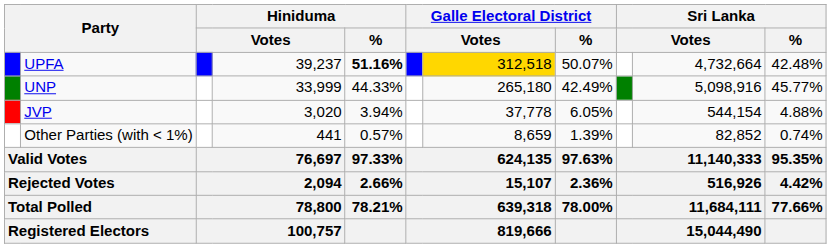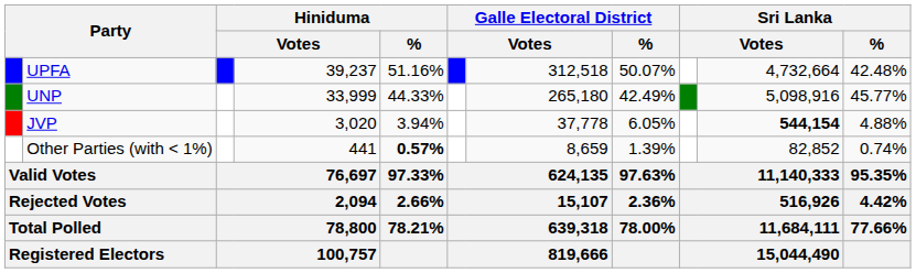 <table class="wikitable">
 <tr>
 <th colspan="2" width="144px"rowspan="2">Party</th>
 <th colspan="3" width="216px">Hiniduma</th>
 <th colspan="3" width="216px"><a href='#'>Galle Electoral District</a></th>
 <th colspan="3" width="216px">Sri Lanka</th>
 </tr>
 <tr>
 <th colspan="2" width="144px">Votes</th>
 <th>%</th>
 <th colspan="2" width="144px">Votes</th>
 <th>%</th>
 <th colspan="2" width="144px">Votes</th>
 <th>%</th>
 </tr>
 <tr>
 <td style="background-color:blue;" width="10px"></td>
 <td style="text-align:left;"><a href='#'>UPFA</a></td>
 <td style="background-color:blue;" width="10px"></td>
 <td style="text-align:right;">39,237</td>
-<td style="text-align:right;"><strong>51.16%</strong></td>
+<td style="text-align:right;">51.16%</td>
 <td style="background-color:blue;" width="10px"></td>
-<td style="background: gold; text-align:right;">312,518</td>
+<td style="text-align:right;">312,518</td>
 <td style="text-align:right;">50.07%</td>
 <td style="background-color:white;" width="10px"></td>
 <td style="text-align:right;">4,732,664</td>
 <td style="text-align:right;">42.48%</td>
 </tr>
 <tr>
 <td style="background-color:green;" width="10px"></td>
 <td style="text-align:left;"><a href='#'>UNP</a></td>
 <td style="background-color:white;" width="10px"></td>
 <td style="text-align:right;">33,999</td>
 <td style="text-align:right;">44.33%</td>
 <td style="background-color:white;" width="10px"></td>
 <td style="text-align:right;">265,180</td>
 <td style="text-align:right;">42.49%</td>
 <td style="background-color:green;" width="10px"></td>
 <td style="text-align:right;">5,098,916</td>
 <td style="text-align:right;">45.77%</td>
 </tr>
 <tr>
 <td style="background-color:red;" width="10px"></td>
 <td style="text-align:left;"><a href='#'>JVP</a></td>
 <td style="background-color:white;" width="10px"></td>
 <td style="text-align:right;">3,020</td>
 <td style="text-align:right;">3.94%</td>
 <td style="background-color:white;" width="10px"></td>
 <td style="text-align:right;">37,778</td>
 <td style="text-align:right;">6.05%</td>
 <td style="background-color:white;" width="10px"></td>
-<td style="text-align:right;">544,154</td>
+<td style="text-align:right;"><strong>544,154</strong></td>
 <td style="text-align:right;">4.88%</td>
 </tr>
 <tr>
 <td style="background-color:white;" width="10px"></td>
 <td style="text-align:left;">Other Parties (with < 1%)</td>
 <td style="background-color:white;" width="10px"></td>
 <td style="text-align:right;">441</td>
-<td style="text-align:right;">0.57%</td>
+<td style="text-align:right;"><strong>0.57%</strong></td>
 <td style="background-color:white;" width="10px"></td>
 <td style="text-align:right;">8,659</td>
 <td style="text-align:right;">1.39%</td>
 <td style="background-color:white;" width="10px"></td>
 <td style="text-align:right;">82,852</td>
 <td style="text-align:right;">0.74%</td>
 </tr>
 <tr>
 <th colspan="2" width="144px"style="text-align:left;">Valid Votes</th>
 <th style="text-align:right;"colspan="2" width="144px">76,697</th>
 <th style="text-align:right;">97.33%</th>
 <th style="text-align:right;"colspan="2" width="144px">624,135</th>
 <th style="text-align:right;">97.63%</th>
 <th style="text-align:right;"colspan="2" width="144px">11,140,333</th>
 <th style="text-align:right;">95.35%</th>
 </tr>
 <tr>
 <th colspan="2" width="144px"style="text-align:left;">Rejected Votes</th>
 <th style="text-align:right;"colspan="2" width="144px">2,094</th>
 <th style="text-align:right;">2.66%</th>
 <th style="text-align:right;"colspan="2" width="144px">15,107</th>
 <th style="text-align:right;">2.36%</th>
 <th style="text-align:right;"colspan="2" width="144px">516,926</th>
 <th style="text-align:right;">4.42%</th>
 </tr>
 <tr>
 <th colspan="2" width="144px"style="text-align:left;">Total Polled</th>
 <th style="text-align:right;"colspan="2" width="144px">78,800</th>
 <th style="text-align:right;">78.21%</th>
 <th style="text-align:right;"colspan="2" width="144px">639,318</th>
 <th style="text-align:right;">78.00%</th>
 <th style="text-align:right;"colspan="2" width="144px">11,684,111</th>
 <th style="text-align:right;">77.66%</th>
 </tr>
 <tr>
 <th colspan="2" width="144px"style="text-align:left;">Registered Electors</th>
 <th style="text-align:right;"colspan="2" width="144px">100,757</th>
 <th></th>
 <th style="text-align:right;"colspan="2" width="144px">819,666</th>
 <th></th>
 <th style="text-align:right;"colspan="2" width="144px">15,044,490</th>
 <th></th>
 </tr>
 </table>
